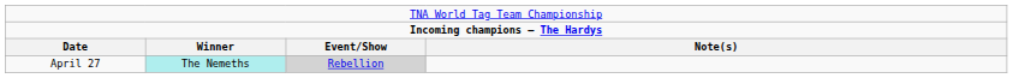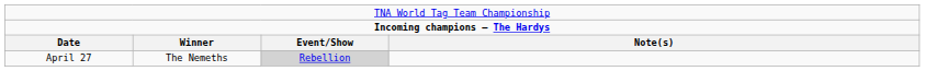 <table class="wikitable" style="text-align:center; width:100%;">
 <tr>
 <td colspan="4" style="text-align: center;"><a href='#'>TNA World Tag Team Championship</a></td>
 </tr>
 <tr>
 <td colspan="4" style="text-align: center;"><strong>Incoming champions – <a href='#'>The Hardys</a> </strong></td>
 </tr>
 <tr>
 <th width="14%">Date</th>
 <th width="14%">Winner</th>
 <th width="14%">Event/Show</th>
 <th width="58%">Note(s)</th>
 </tr>
 <tr>
 <td>April 27</td>
-<td style="background: paleturquoise;">The Nemeths<br></td>
+<td>The Nemeths<br></td>
 <td style="background: lightgrey;"><a href='#'>Rebellion</a></td>
 <td></td>
 </tr>
 </table>
